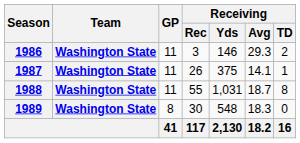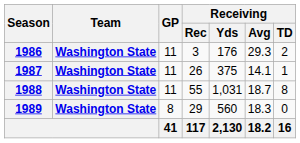 <table class="wikitable" style="text-align:center;">
 <tr>
 <th rowspan="2">Season</th>
 <th rowspan="2">Team</th>
 <th rowspan="2">GP</th>
 <th colspan="4">Receiving</th>
 </tr>
 <tr>
 <th>Rec</th>
 <th>Yds</th>
 <th>Avg</th>
 <th>TD</th>
 </tr>
 <tr>
 <th><a href='#'>1986</a></th>
 <th><a href='#'>Washington State</a></th>
 <td>11</td>
 <td>3</td>
-<td>146</td>
+<td>176</td>
 <td>29.3</td>
 <td>2</td>
 </tr>
 <tr>
 <th><a href='#'>1987</a></th>
 <th><a href='#'>Washington State</a></th>
 <td>11</td>
 <td>26</td>
 <td>375</td>
 <td>14.1</td>
 <td>1</td>
 </tr>
 <tr>
 <th><a href='#'>1988</a></th>
 <th><a href='#'>Washington State</a></th>
 <td>11</td>
 <td>55</td>
 <td>1,031</td>
 <td>18.7</td>
 <td>8</td>
 </tr>
 <tr>
 <th><a href='#'>1989</a></th>
 <th><a href='#'>Washington State</a></th>
 <td>8</td>
-<td>30</td>
-<td>548</td>
+<td>29</td>
+<td>560</td>
 <td>18.3</td>
 <td>0</td>
 </tr>
 <tr>
 <th colspan="2"></th>
 <th>41</th>
 <th>117</th>
 <th>2,130</th>
 <th>18.2</th>
 <th>16</th>
 </tr>
 </table>
